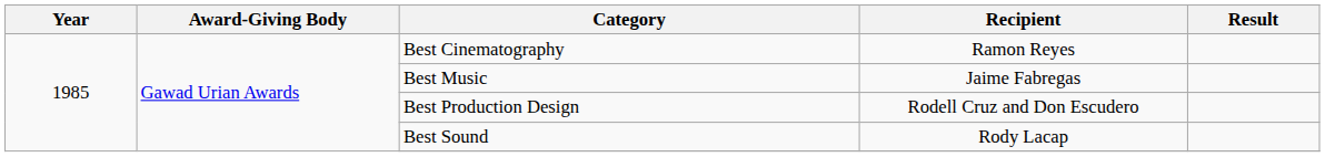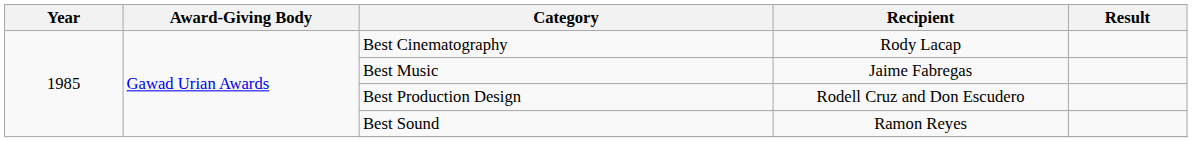 <table | width="90%" class="wikitable sortable">
 <tr>
 <th width="10%">Year</th>
 <th width="20%">Award-Giving Body</th>
 <th width="35%">Category</th>
 <th width="25%">Recipient</th>
 <th width="10%">Result</th>
 </tr>
 <tr>
 <td rowspan="6" align="center">1985</td>
 <td rowspan="6" align="left"><a href='#'>Gawad Urian Awards</a></td>
 <td align="left">Best Cinematography</td>
-<td align="center">Ramon Reyes</td>
+<td align="center">Rody Lacap</td>
 <td></td>
 </tr>
 <tr>
 <td align="left">Best Music</td>
 <td align="center">Jaime Fabregas</td>
 <td></td>
 </tr>
 <tr>
 <td align="left">Best Production Design</td>
 <td align="center">Rodell Cruz and Don Escudero</td>
 <td></td>
 </tr>
 <tr>
 <td align="left">Best Sound</td>
-<td align="center">Rody Lacap</td>
+<td align="center">Ramon Reyes</td>
 <td></td>
 </tr>
 <tr>
 </tr>
 </table>
